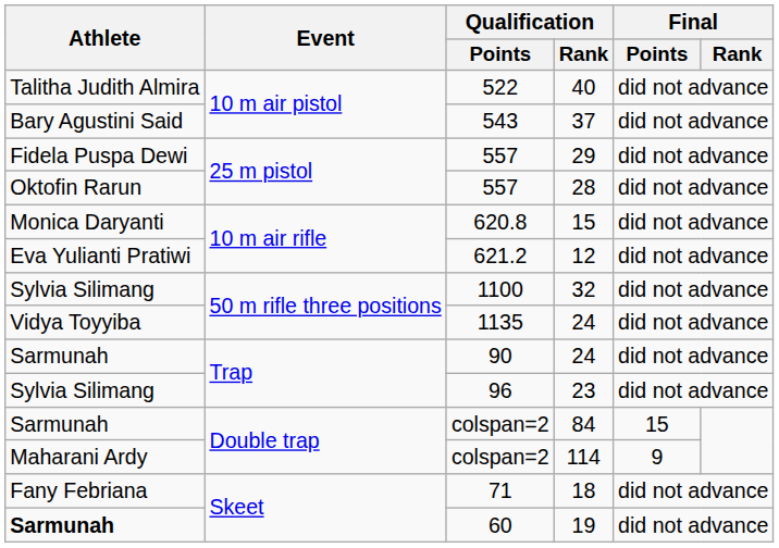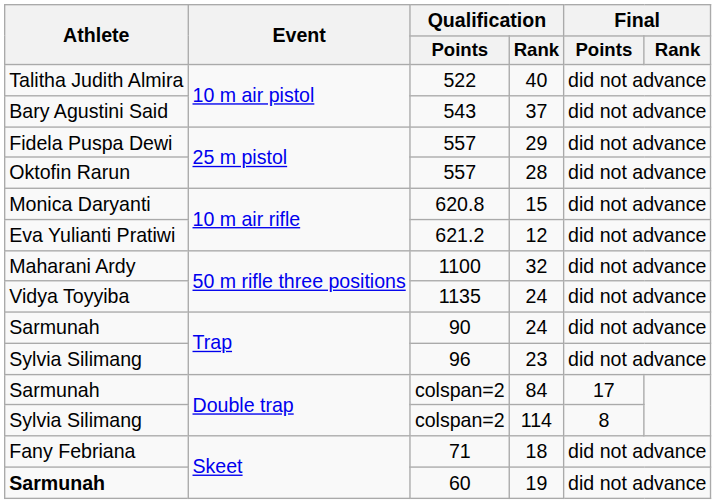 <table class=wikitable style=font-size:90%;text-align:center>
 <tr>
 <th rowspan="2">Athlete</th>
 <th rowspan="2">Event</th>
 <th colspan=2>Qualification</th>
 <th colspan=2>Final</th>
 </tr>
 <tr style="font-size:95%">
 <th>Points</th>
 <th>Rank</th>
 <th>Points</th>
 <th>Rank</th>
 </tr>
 <tr>
 <td align=left>Talitha Judith Almira</td>
 <td align=left rowspan=2><a href='#'>10 m air pistol</a></td>
 <td>522</td>
 <td>40</td>
 <td colspan=2>did not advance</td>
 </tr>
 <tr>
 <td align=left>Bary Agustini Said</td>
 <td>543</td>
 <td>37</td>
 <td colspan=2>did not advance</td>
 </tr>
 <tr>
 <td align=left>Fidela Puspa Dewi</td>
 <td align=left rowspan=2><a href='#'>25 m pistol</a></td>
 <td>557</td>
 <td>29</td>
 <td colspan=2>did not advance</td>
 </tr>
 <tr>
 <td align=left>Oktofin Rarun</td>
 <td>557</td>
 <td>28</td>
 <td colspan=2>did not advance</td>
 </tr>
 <tr>
 <td align=left>Monica Daryanti</td>
 <td align=left rowspan=2><a href='#'>10 m air rifle</a></td>
 <td>620.8</td>
 <td>15</td>
 <td colspan=2>did not advance</td>
 </tr>
 <tr>
 <td align=left>Eva Yulianti Pratiwi</td>
 <td>621.2</td>
 <td>12</td>
 <td colspan=2>did not advance</td>
 </tr>
 <tr>
-<td align=left>Sylvia Silimang</td>
+<td align=left>Maharani Ardy</td>
 <td align=left rowspan=2><a href='#'>50 m rifle three positions</a></td>
 <td>1100</td>
 <td>32</td>
 <td colspan=2>did not advance</td>
 </tr>
 <tr>
 <td align=left>Vidya Toyyiba</td>
 <td>1135</td>
 <td>24</td>
 <td colspan=2>did not advance</td>
 </tr>
 <tr>
 <td align=left>Sarmunah</td>
 <td align=left rowspan=2><a href='#'>Trap</a></td>
 <td>90</td>
 <td>24</td>
 <td colspan=2>did not advance</td>
 </tr>
 <tr>
 <td align=left>Sylvia Silimang</td>
 <td>96</td>
 <td>23</td>
 <td colspan=2>did not advance</td>
 </tr>
 <tr>
 <td align=left>Sarmunah</td>
 <td align=left rowspan=2><a href='#'>Double trap</a></td>
 <td>colspan=2 </td>
 <td>84</td>
-<td>15</td>
+<td>17</td>
 </tr>
 <tr>
-<td align=left>Maharani Ardy</td>
+<td align=left>Sylvia Silimang</td>
 <td>colspan=2 </td>
 <td>114</td>
-<td>9</td>
+<td>8</td>
 </tr>
 <tr>
 <td align=left>Fany Febriana</td>
 <td align=left rowspan=2><a href='#'>Skeet</a></td>
 <td>71</td>
 <td>18</td>
 <td colspan=2>did not advance</td>
 </tr>
 <tr>
 <td align=left><strong>Sarmunah</strong></td>
 <td>60</td>
 <td>19</td>
 <td colspan=2>did not advance</td>
 </tr>
 </table>
